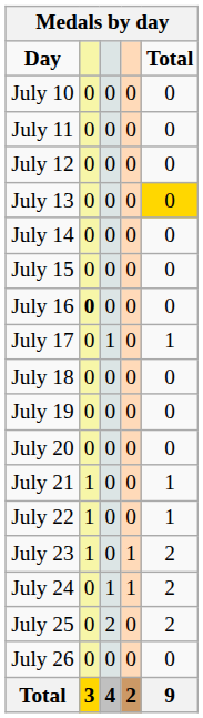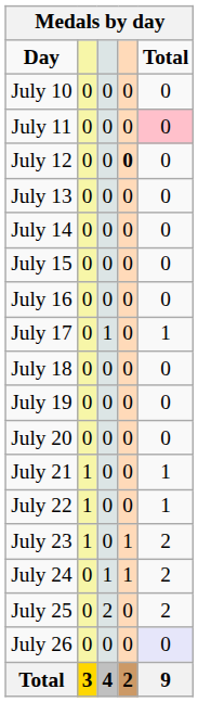 <table class="wikitable" style="font-size:85%; float:right">
 <tr align=center>
 <th colspan=7><strong>Medals by day</strong></th>
 </tr>
 <tr align=center>
 <td><strong>Day</strong></td>
 <td style="background:#f7f6a8;"></td>
 <td style="background:#dce5e5;"></td>
 <td style="background:#ffdab9;"></td>
 <td><strong>Total</strong></td>
 </tr>
 <tr align=center>
 <td>July 10</td>
 <td style="background:#f7f6a8;">0</td>
 <td style="background:#dce5e5;">0</td>
 <td style="background:#ffdab9;">0</td>
 <td>0</td>
 </tr>
 <tr align=center>
 <td>July 11</td>
 <td style="background:#f7f6a8;">0</td>
 <td style="background:#dce5e5;">0</td>
 <td style="background:#ffdab9;">0</td>
-<td>0</td>
+<td style="background: pink;">0</td>
 </tr>
 <tr align=center>
 <td>July 12</td>
 <td style="background:#f7f6a8;">0</td>
 <td style="background:#dce5e5;">0</td>
-<td style="background:#ffdab9;">0</td>
+<td style="background:#ffdab9;"><strong>0</strong></td>
 <td>0</td>
 </tr>
 <tr align=center>
 <td>July 13</td>
 <td style="background:#f7f6a8;">0</td>
 <td style="background:#dce5e5;">0</td>
 <td style="background:#ffdab9;">0</td>
-<td style="background: gold;">0</td>
+<td>0</td>
 </tr>
 <tr align=center>
 <td>July 14</td>
 <td style="background:#f7f6a8;">0</td>
 <td style="background:#dce5e5;">0</td>
 <td style="background:#ffdab9;">0</td>
 <td>0</td>
 </tr>
 <tr align=center>
 <td>July 15</td>
 <td style="background:#f7f6a8;">0</td>
 <td style="background:#dce5e5;">0</td>
 <td style="background:#ffdab9;">0</td>
 <td>0</td>
 </tr>
 <tr align=center>
 <td>July 16</td>
-<td style="background:#f7f6a8;"><strong>0</strong></td>
+<td style="background:#f7f6a8;">0</td>
 <td style="background:#dce5e5;">0</td>
 <td style="background:#ffdab9;">0</td>
 <td>0</td>
 </tr>
 <tr align=center>
 <td>July 17</td>
 <td style="background:#f7f6a8;">0</td>
 <td style="background:#dce5e5;">1</td>
 <td style="background:#ffdab9;">0</td>
 <td>1</td>
 </tr>
 <tr align=center>
 <td>July 18</td>
 <td style="background:#f7f6a8;">0</td>
 <td style="background:#dce5e5;">0</td>
 <td style="background:#ffdab9;">0</td>
 <td>0</td>
 </tr>
 <tr align=center>
 <td>July 19</td>
 <td style="background:#f7f6a8;">0</td>
 <td style="background:#dce5e5;">0</td>
 <td style="background:#ffdab9;">0</td>
 <td>0</td>
 </tr>
 <tr align=center>
 <td>July 20</td>
 <td style="background:#f7f6a8;">0</td>
 <td style="background:#dce5e5;">0</td>
 <td style="background:#ffdab9;">0</td>
 <td>0</td>
 </tr>
 <tr align=center>
 <td>July 21</td>
 <td style="background:#f7f6a8;">1</td>
 <td style="background:#dce5e5;">0</td>
 <td style="background:#ffdab9;">0</td>
 <td>1</td>
 </tr>
 <tr align=center>
 <td>July 22</td>
 <td style="background:#f7f6a8;">1</td>
 <td style="background:#dce5e5;">0</td>
 <td style="background:#ffdab9;">0</td>
 <td>1</td>
 </tr>
 <tr align=center>
 <td>July 23</td>
 <td style="background:#f7f6a8;">1</td>
 <td style="background:#dce5e5;">0</td>
 <td style="background:#ffdab9;">1</td>
 <td>2</td>
 </tr>
 <tr align=center>
 <td>July 24</td>
 <td style="background:#f7f6a8;">0</td>
 <td style="background:#dce5e5;">1</td>
 <td style="background:#ffdab9;">1</td>
 <td>2</td>
 </tr>
 <tr align=center>
 <td>July 25</td>
 <td style="background:#f7f6a8;">0</td>
 <td style="background:#dce5e5;">2</td>
 <td style="background:#ffdab9;">0</td>
 <td>2</td>
 </tr>
 <tr align=center>
 <td>July 26</td>
 <td style="background:#f7f6a8;">0</td>
 <td style="background:#dce5e5;">0</td>
 <td style="background:#ffdab9;">0</td>
-<td>0</td>
+<td style="background: lavender;">0</td>
 </tr>
 <tr align=center>
 <th><strong>Total</strong></th>
 <th style="background:gold;"><strong>3</strong></th>
 <th style="background:silver;"><strong>4</strong></th>
 <th style="background:#c96;"><strong>2</strong></th>
 <th><strong>9</strong></th>
 </tr>
 </table>
